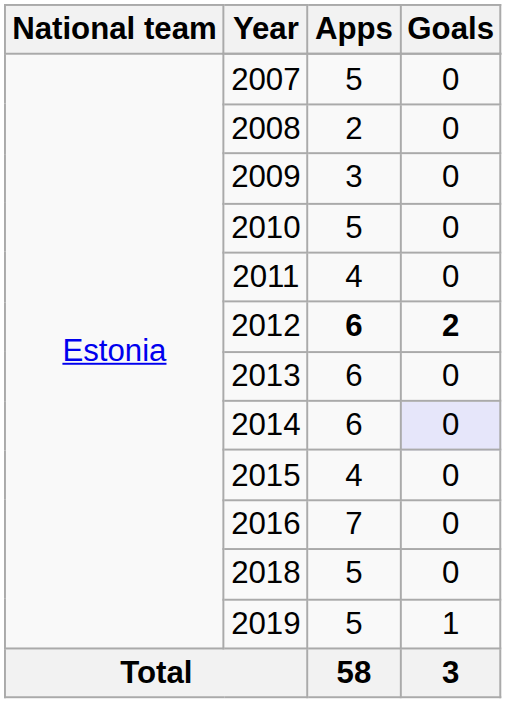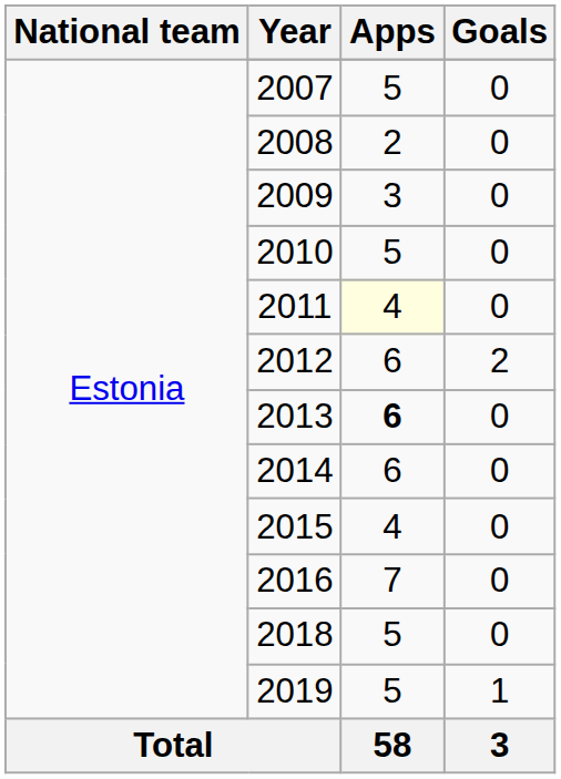 <table class="wikitable" style="text-align:center;">
 <tr>
 <th>National team</th>
 <th>Year</th>
 <th>Apps</th>
 <th>Goals</th>
 </tr>
 <tr>
 <td rowspan=13><a href='#'>Estonia</a></td>
 </tr>
 <tr>
 <td>2007</td>
 <td>5</td>
 <td>0</td>
 </tr>
 <tr>
 <td>2008</td>
 <td>2</td>
 <td>0</td>
 </tr>
 <tr>
 <td>2009</td>
 <td>3</td>
 <td>0</td>
 </tr>
 <tr>
 <td>2010</td>
 <td>5</td>
 <td>0</td>
 </tr>
 <tr>
 <td>2011</td>
-<td>4</td>
+<td style="background: lightyellow;">4</td>
 <td>0</td>
 </tr>
 <tr>
 <td>2012</td>
-<td><strong>6</strong></td>
-<td><strong>2</strong></td>
+<td>6</td>
+<td>2</td>
 </tr>
 <tr>
 <td>2013</td>
-<td>6</td>
+<td><strong>6</strong></td>
 <td>0</td>
 </tr>
 <tr>
 <td>2014</td>
 <td>6</td>
-<td style="background: lavender;">0</td>
+<td>0</td>
 </tr>
 <tr>
 <td>2015</td>
 <td>4</td>
 <td>0</td>
 </tr>
 <tr>
 <td>2016</td>
 <td>7</td>
 <td>0</td>
 </tr>
 <tr>
 <td>2018</td>
 <td>5</td>
 <td>0</td>
 </tr>
 <tr>
 <td>2019</td>
 <td>5</td>
 <td>1</td>
 </tr>
 <tr>
 <th colspan=2>Total</th>
 <th>58</th>
 <th>3</th>
 </tr>
 </table>
